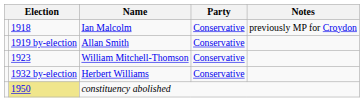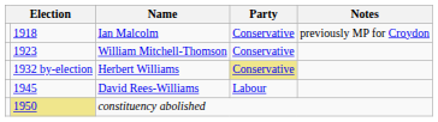 <table class="wikitable">
 <tr>
 <th colspan="2">Election</th>
 <th>Name</th>
 <th>Party</th>
 <th>Notes</th>
 </tr>
 <tr>
 <td style="color:inherit;background-color: "></td>
 <td><a href='#'>1918</a></td>
 <td><a href='#'>Ian Malcolm</a></td>
 <td><a href='#'>Conservative</a></td>
 <td>previously MP for <a href='#'>Croydon</a></td>
 </tr>
 <tr>
 <td style="color:inherit;background-color: "></td>
-<td><a href='#'>1919 by-election</a></td>
-<td><a href='#'>Allan Smith</a></td>
-<td><a href='#'>Conservative</a></td>
-<td></td>
-</tr>
-<tr>
-<td style="color:inherit;background-color: "></td>
 <td><a href='#'>1923</a></td>
 <td><a href='#'>William Mitchell-Thomson</a></td>
 <td><a href='#'>Conservative</a></td>
 <td></td>
 </tr>
 <tr>
 <td style="color:inherit;background-color: "></td>
 <td><a href='#'>1932 by-election</a></td>
 <td><a href='#'>Herbert Williams</a></td>
-<td><a href='#'>Conservative</a></td>
+<td style="background: khaki;"><a href='#'>Conservative</a></td>
+<td></td>
+</tr>
+<tr>
+<td style="color:inherit;background-color: "></td>
+<td><a href='#'>1945</a></td>
+<td><a href='#'>David Rees-Williams</a></td>
+<td><a href='#'>Labour</a></td>
 <td></td>
 </tr>
 <tr>
 <td></td>
 <td style="background: khaki;"><a href='#'>1950</a></td>
 <td colspan="3"><em>constituency abolished</em></td>
 </tr>
 </table>
